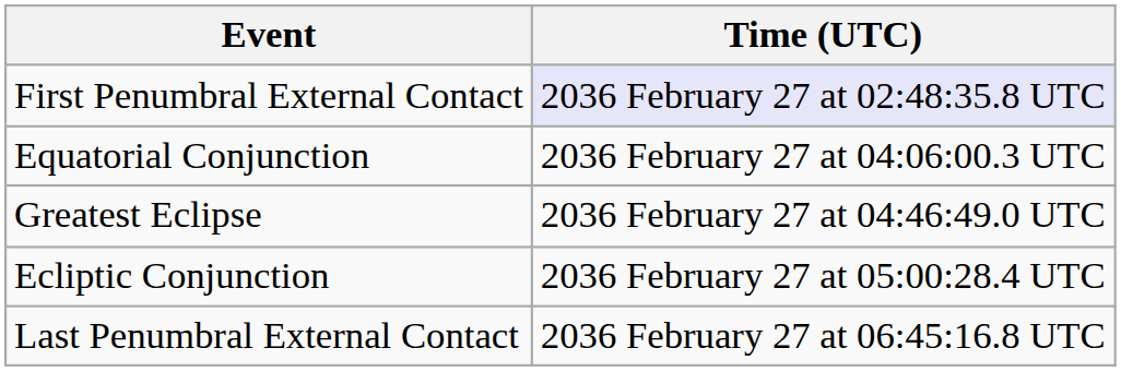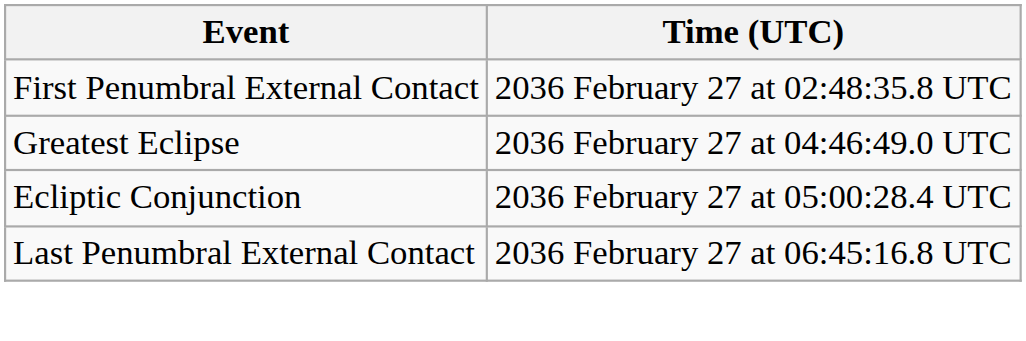 <table class="wikitable">
 <tr>
 <th>Event</th>
 <th>Time (UTC)</th>
 </tr>
 <tr>
 <td>First Penumbral External Contact</td>
-<td style="background: lavender;">2036 February 27 at 02:48:35.8 UTC</td>
-</tr>
-<tr>
-<td>Equatorial Conjunction</td>
-<td>2036 February 27 at 04:06:00.3 UTC</td>
+<td>2036 February 27 at 02:48:35.8 UTC</td>
 </tr>
 <tr>
 <td>Greatest Eclipse</td>
 <td>2036 February 27 at 04:46:49.0 UTC</td>
 </tr>
 <tr>
 <td>Ecliptic Conjunction</td>
 <td>2036 February 27 at 05:00:28.4 UTC</td>
 </tr>
 <tr>
 <td>Last Penumbral External Contact</td>
 <td>2036 February 27 at 06:45:16.8 UTC</td>
 </tr>
 </table>
